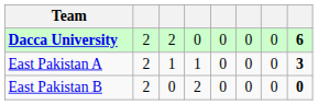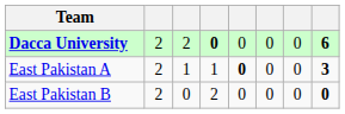 <table class="wikitable sortable" style="text-align:center";"font-size:95%">
 <tr>
 <th style="width:130px;">Team</th>
 <th style="width:20px;"></th>
 <th style="width:20px;"></th>
 <th style="width:20px;"></th>
 <th style="width:20px;"></th>
 <th style="width:20px;"></th>
 <th style="width:20px;"></th>
 <th style="width:20px;"></th>
 </tr>
 <tr bgcolor="#ccffcc">
 <td style="text-align:left"><strong><a href='#'>Dacca University</a></strong></td>
 <td>2</td>
 <td>2</td>
-<td>0</td>
+<td><strong>0</strong></td>
 <td>0</td>
 <td>0</td>
 <td>0</td>
 <td><strong>6</strong></td>
 </tr>
 <tr bgcolor=>
 <td style="text-align:left"><a href='#'>East Pakistan A</a></td>
 <td>2</td>
 <td>1</td>
 <td>1</td>
-<td>0</td>
+<td><strong>0</strong></td>
 <td>0</td>
 <td>0</td>
 <td><strong>3</strong></td>
 </tr>
 <tr bgcolor=>
 <td style="text-align:left"><a href='#'>East Pakistan B</a></td>
 <td>2</td>
 <td>0</td>
 <td>2</td>
 <td>0</td>
 <td>0</td>
 <td>0</td>
 <td><strong>0</strong></td>
 </tr>
 </table>
